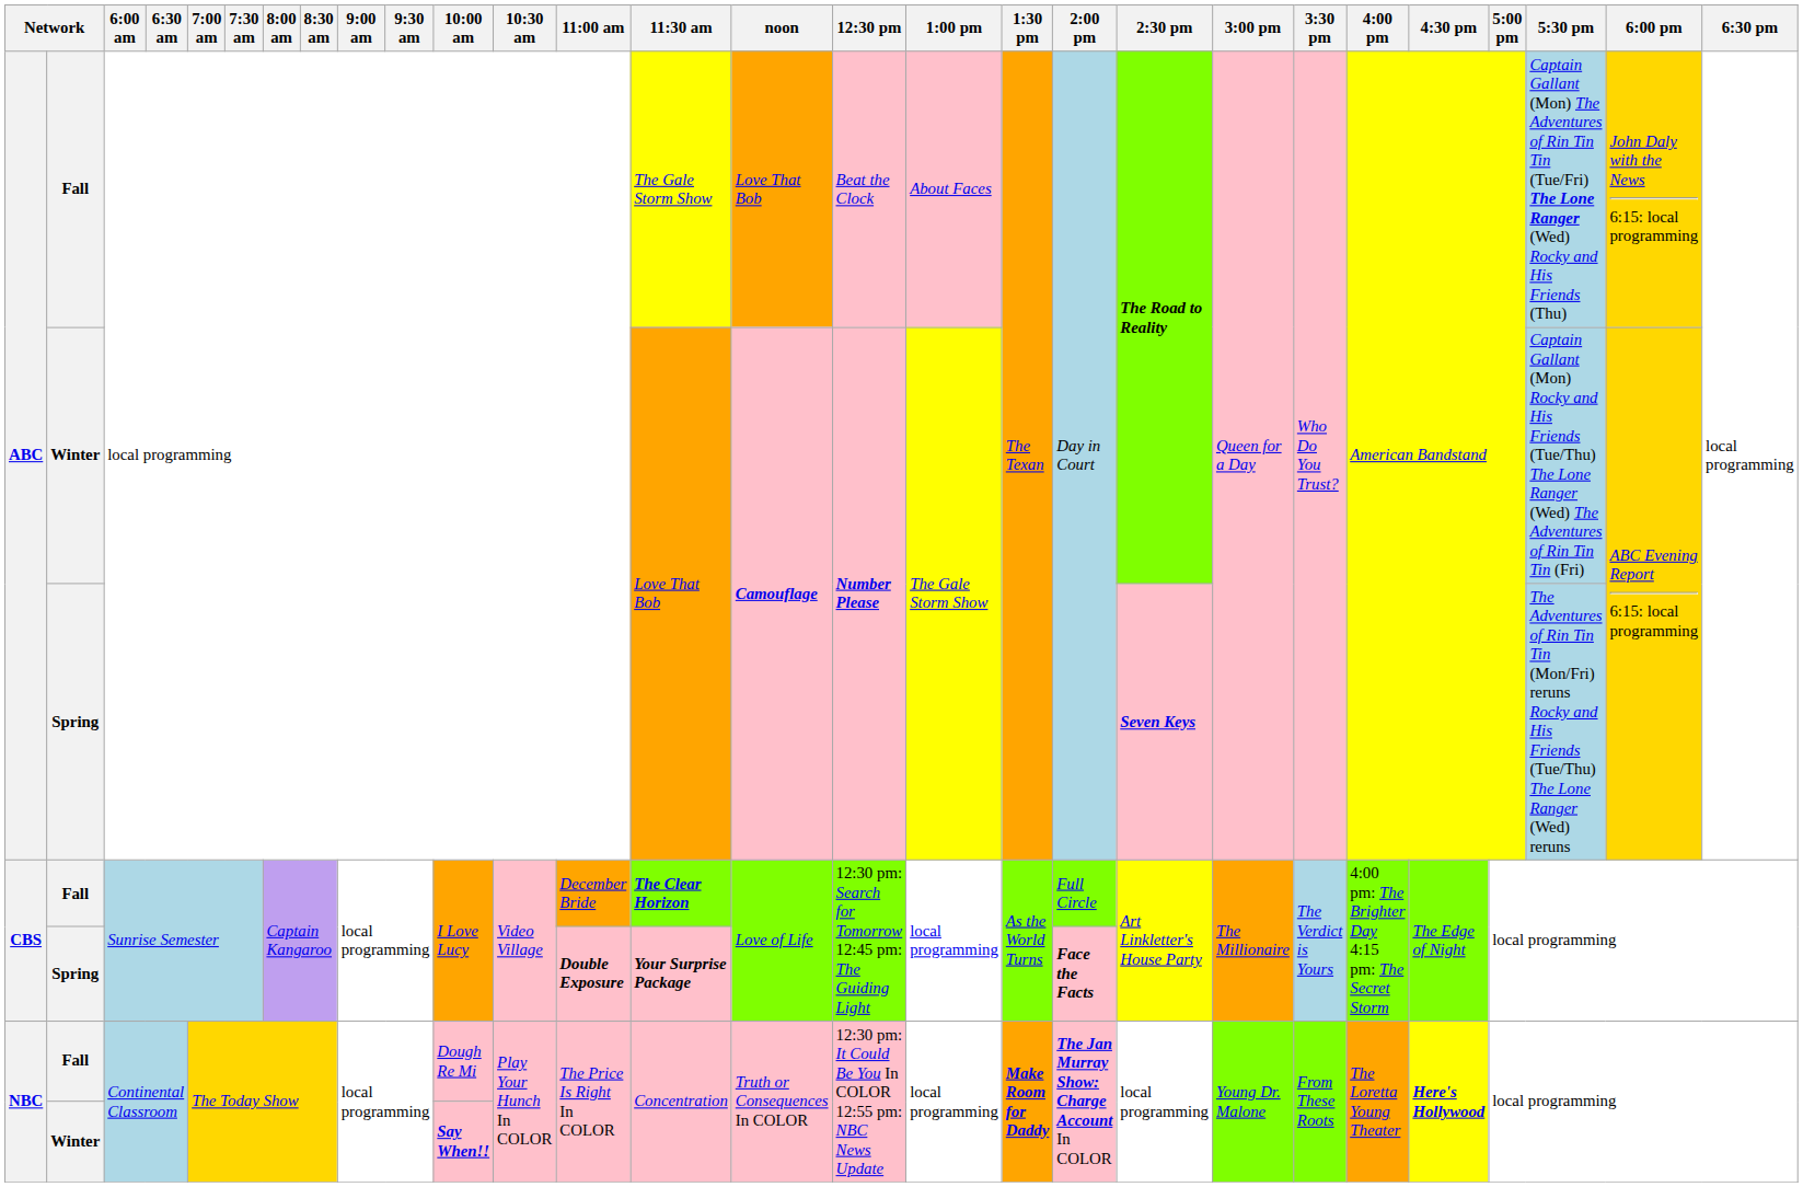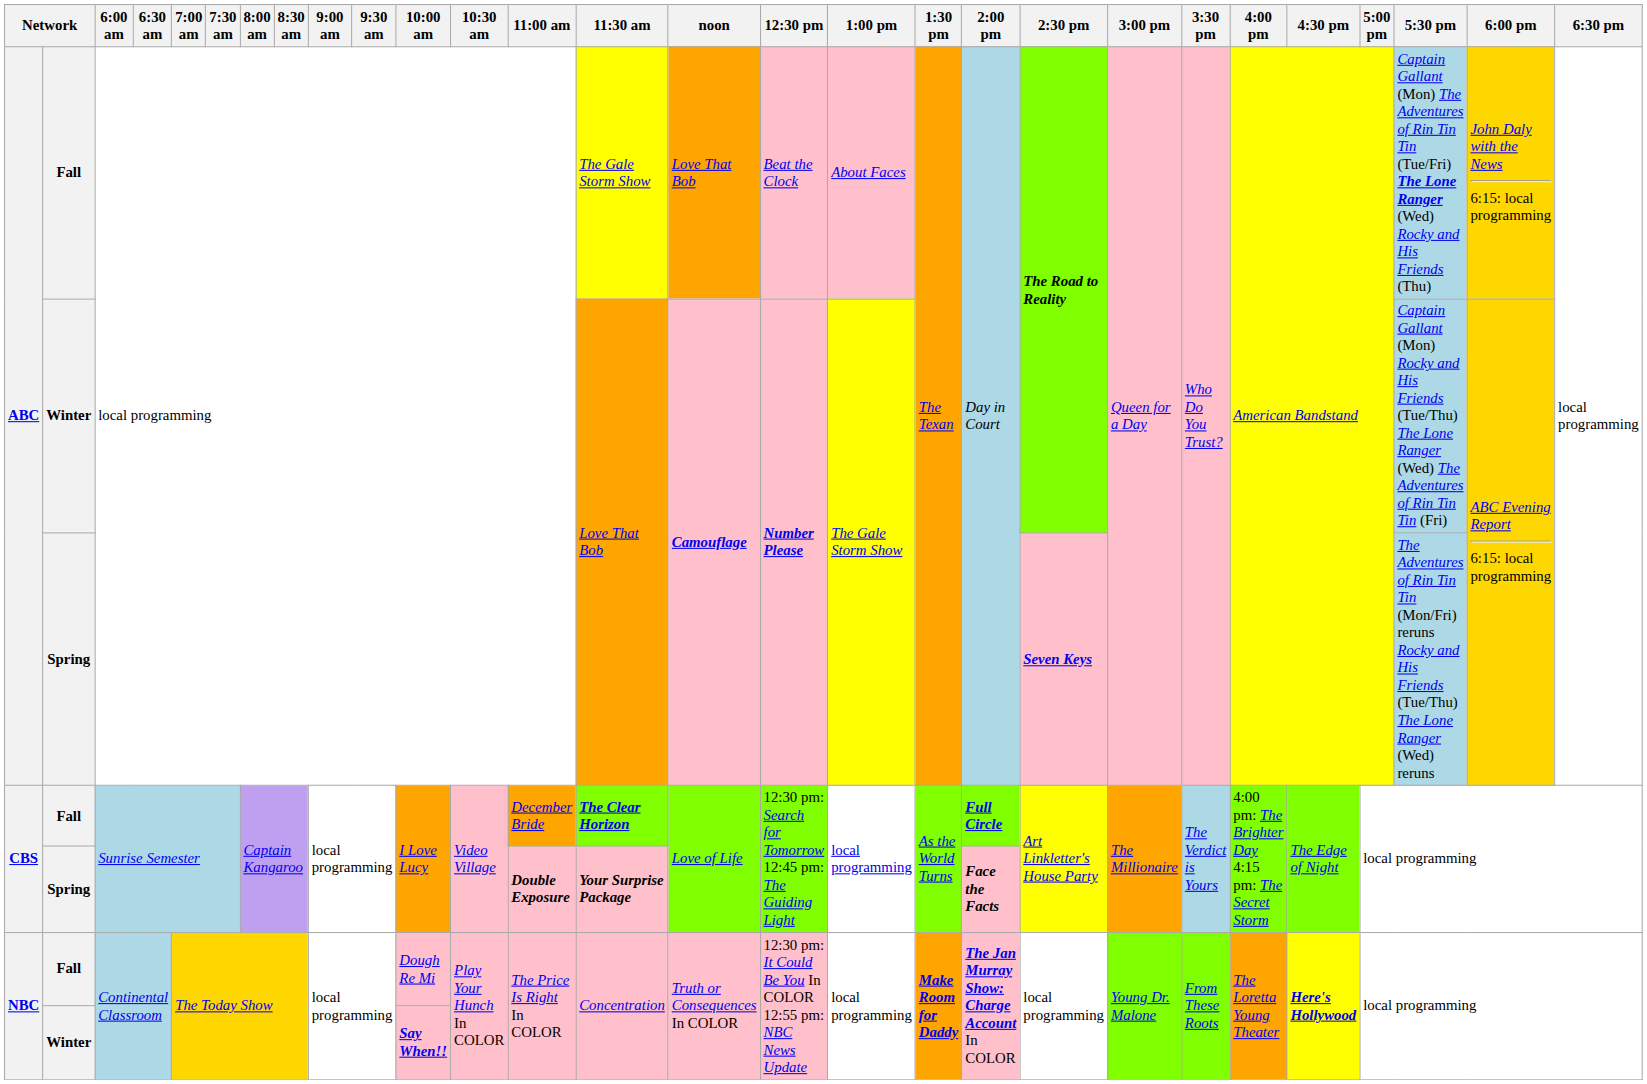 <table class=wikitable style="font-size:90%">
 <tr>
 <th width="1.5%" bgcolor="#C0C0C0" colspan="2">Network</th>
 <th width="13%" bgcolor="#C0C0C0">6:00 am</th>
 <th width="14%" bgcolor="#C0C0C0">6:30 am</th>
 <th width="13%" bgcolor="#C0C0C0">7:00 am</th>
 <th width="14%" bgcolor="#C0C0C0">7:30 am</th>
 <th width="13%" bgcolor="#C0C0C0">8:00 am</th>
 <th width="14%" bgcolor="#C0C0C0">8:30 am</th>
 <th width="13%" bgcolor="#C0C0C0">9:00 am</th>
 <th width="14%" bgcolor="#C0C0C0">9:30 am</th>
 <th width="13%" bgcolor="#C0C0C0">10:00 am</th>
 <th width="14%" bgcolor="#C0C0C0">10:30 am</th>
 <th width="13%" bgcolor="#C0C0C0">11:00 am</th>
 <th width="14%" bgcolor="#C0C0C0">11:30 am</th>
 <th width="13%" bgcolor="#C0C0C0">noon</th>
 <th width="14%" bgcolor="#C0C0C0">12:30 pm</th>
 <th width="13%" bgcolor="#C0C0C0">1:00 pm</th>
 <th width="14%" bgcolor="#C0C0C0">1:30 pm</th>
 <th width="13%" bgcolor="#C0C0C0">2:00 pm</th>
 <th width="14%" bgcolor="#C0C0C0">2:30 pm</th>
 <th width="13%" bgcolor="#C0C0C0">3:00 pm</th>
 <th width="14%" bgcolor="#C0C0C0">3:30 pm</th>
 <th width="13%" bgcolor="#C0C0C0">4:00 pm</th>
 <th width="14%" bgcolor="#C0C0C0">4:30 pm</th>
 <th width="13%" bgcolor="#C0C0C0">5:00 pm</th>
 <th width="14%" bgcolor="#C0C0C0">5:30 pm</th>
 <th width=13% bgcolor=#C0C0C0>6:00 pm</th>
 <th width=14% bgcolor=#C0C0C0>6:30 pm</th>
 </tr>
 <tr>
 <th bgcolor="#C0C0C0" rowspan=3><a href='#'>ABC</a></th>
 <th bgcolor=#C0C0C0>Fall</th>
 <td bgcolor="white" colspan="11" rowspan=3>local programming</td>
 <td bgcolor="yellow"><em><a href='#'>The Gale Storm Show</a></em> </td>
 <td bgcolor="orange"><em><a href='#'>Love That Bob</a></em> </td>
 <td bgcolor="pink"><em><a href='#'>Beat the Clock</a></em></td>
 <td bgcolor="pink"><em><a href='#'>About Faces</a></em></td>
 <td bgcolor="orange" rowspan=3><em><a href='#'>The Texan</a></em> </td>
 <td bgcolor="lightblue" rowspan=3><em>Day in Court</em></td>
 <td bgcolor="chartreuse" rowspan=2><strong><em>The Road to Reality</em></strong></td>
 <td bgcolor="pink" rowspan=3><em><a href='#'>Queen for a Day</a></em></td>
 <td bgcolor="pink" rowspan=3><em><a href='#'>Who Do You Trust?</a></em></td>
 <td bgcolor="yellow" colspan="3" rowspan=3><em><a href='#'>American Bandstand</a></em></td>
 <td bgcolor="lightblue"><em><a href='#'>Captain Gallant</a></em> (Mon)  <em><a href='#'>The Adventures of Rin Tin Tin</a></em> (Tue/Fri)  <strong><em><a href='#'>The Lone Ranger</a></em></strong> (Wed)  <em><a href='#'>Rocky and His Friends</a></em> (Thu)</td>
 <td bgcolor=gold><em><a href='#'>John Daly with the News</a></em><hr>6:15: local programming</td>
 <td bgcolor=white rowspan=3>local programming</td>
 </tr>
 <tr>
 <th bgcolor=#C0C0C0>Winter</th>
 <td bgcolor=orange rowspan=2><em><a href='#'>Love That Bob</a></em> </td>
 <td bgcolor=pink rowspan=2><strong><em><a href='#'>Camouflage</a></em></strong></td>
 <td bgcolor=pink rowspan=2><strong><em><a href='#'>Number Please</a></em></strong></td>
 <td bgcolor=yellow rowspan=2><em><a href='#'>The Gale Storm Show</a></em> </td>
 <td bgcolor=lightblue><em><a href='#'>Captain Gallant</a></em> (Mon)  <em><a href='#'>Rocky and His Friends</a></em> (Tue/Thu) <em><a href='#'>The Lone Ranger</a></em> (Wed)  <em><a href='#'>The Adventures of Rin Tin Tin</a></em> (Fri) </td>
 <td bgcolor=gold rowspan=2><em><a href='#'>ABC Evening Report</a></em><hr>6:15: local programming</td>
 </tr>
 <tr>
 <th bgcolor=#C0C0C0>Spring</th>
 <td bgcolor=pink><strong><em><a href='#'>Seven Keys</a></em></strong></td>
 <td bgcolor=lightblue><em><a href='#'>The Adventures of Rin Tin Tin</a></em> (Mon/Fri) reruns <em><a href='#'>Rocky and His Friends</a></em> (Tue/Thu) <em><a href='#'>The Lone Ranger</a></em> (Wed) reruns</td>
 </tr>
 <tr>
 <th bgcolor="#C0C0C0" rowspan=2><a href='#'>CBS</a></th>
 <th bgcolor=#C0C0C0>Fall</th>
 <td bgcolor="lightblue" colspan="4" rowspan=2><em><a href='#'>Sunrise Semester</a></em></td>
 <td bgcolor="bf9fef" colspan="2" rowspan=2><em><a href='#'>Captain Kangaroo</a></em></td>
 <td bgcolor="white" colspan="2" rowspan=2>local programming</td>
 <td bgcolor="orange" rowspan=2><em><a href='#'>I Love Lucy</a></em> </td>
 <td bgcolor="pink" rowspan=2><em><a href='#'>Video Village</a></em></td>
 <td bgcolor="orange"><em><a href='#'>December Bride</a></em> </td>
 <td bgcolor="chartreuse"><strong><em><a href='#'>The Clear Horizon</a></em></strong></td>
 <td bgcolor="chartreuse" rowspan=2><em><a href='#'>Love of Life</a></em></td>
 <td bgcolor="chartreuse" rowspan=2>12:30 pm: <em><a href='#'>Search for Tomorrow</a></em><br>12:45 pm: <em><a href='#'>The Guiding Light</a></em></td>
 <td bgcolor="white" rowspan=2><a href='#'>local programming</a></td>
 <td bgcolor="chartreuse" rowspan=2><em><a href='#'>As the World Turns</a></em></td>
-<td bgcolor="chartreuse"><em><a href='#'>Full Circle</a></em></td>
+<td bgcolor="chartreuse"><strong><em><a href='#'>Full Circle</a></em></strong></td>
 <td bgcolor="yellow" rowspan=2><em><a href='#'>Art Linkletter's House Party</a></em></td>
 <td bgcolor="orange" rowspan=2><em><a href='#'>The Millionaire</a></em> </td>
 <td bgcolor="lightblue" rowspan=2><em><a href='#'>The Verdict is Yours</a></em></td>
 <td bgcolor="chartreuse" rowspan=2>4:00 pm: <em><a href='#'>The Brighter Day</a></em><br>4:15 pm: <em><a href='#'>The Secret Storm</a></em></td>
 <td bgcolor="chartreuse" rowspan=2><em><a href='#'>The Edge of Night</a></em></td>
 <td bgcolor="white" colspan="4" rowspan=2>local programming</td>
 </tr>
 <tr>
 <th bgcolor=#C0C0C0>Spring</th>
 <td bgcolor=pink><strong><em>Double Exposure</em></strong></td>
 <td bgcolor=pink><strong><em>Your Surprise Package</em></strong></td>
 <td bgcolor=pink><strong><em>Face the Facts</em></strong></td>
 </tr>
 <tr>
 <th bgcolor="#C0C0C0" rowspan=2><a href='#'>NBC</a></th>
 <th bgcolor=#C0C0C0>Fall</th>
 <td bgcolor="lightblue" colspan="2" rowspan=2><em><a href='#'>Continental Classroom</a></em></td>
 <td bgcolor="gold" colspan="4" rowspan=2><em><a href='#'>The Today Show</a></em></td>
 <td bgcolor="white" colspan="2" rowspan=2>local programming</td>
 <td bgcolor="pink"><em><a href='#'>Dough Re Mi</a></em></td>
 <td bgcolor="pink" rowspan=2><em><a href='#'>Play Your Hunch</a></em> In <span>C</span><span>O</span><span>L</span><span>O</span><span>R</span></td>
 <td bgcolor="pink" rowspan=2><em><a href='#'>The Price Is Right</a></em> In <span>C</span><span>O</span><span>L</span><span>O</span><span>R</span></td>
 <td bgcolor="pink" rowspan=2><em><a href='#'>Concentration</a></em></td>
 <td bgcolor="pink" rowspan=2><em><a href='#'>Truth or Consequences</a></em> In <span>C</span><span>O</span><span>L</span><span>O</span><span>R</span></td>
 <td bgcolor="pink" rowspan=2>12:30 pm: <em><a href='#'>It Could Be You</a></em> In <span>C</span><span>O</span><span>L</span><span>O</span><span>R</span><br>12:55 pm: <em><a href='#'>NBC News Update</a></em></td>
 <td bgcolor="white" rowspan=2>local programming</td>
 <td bgcolor="orange" rowspan=2><strong><em><a href='#'>Make Room for Daddy</a></em></strong> </td>
 <td bgcolor="pink" rowspan=2><strong><em><a href='#'>The Jan Murray Show: Charge Account</a></em></strong> In <span>C</span><span>O</span><span>L</span><span>O</span><span>R</span></td>
 <td bgcolor="white" rowspan=2>local programming</td>
 <td bgcolor="chartreuse" rowspan=2><em><a href='#'>Young Dr. Malone</a></em></td>
 <td bgcolor="chartreuse" rowspan=2><em><a href='#'>From These Roots</a></em></td>
 <td bgcolor="orange" rowspan=2><em><a href='#'>The Loretta Young Theater</a></em> </td>
 <td bgcolor="yellow" rowspan=2><strong><em><a href='#'>Here's Hollywood</a></em></strong></td>
 <td bgcolor="white" colspan="4" rowspan=2>local programming</td>
 </tr>
 <tr>
 <th bgcolor=#C0C0C0>Winter</th>
 <td bgcolor=pink><strong><em><a href='#'>Say When!!</a></em></strong></td>
 </tr>
 </table>
